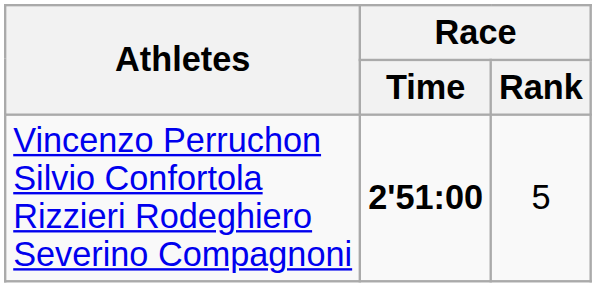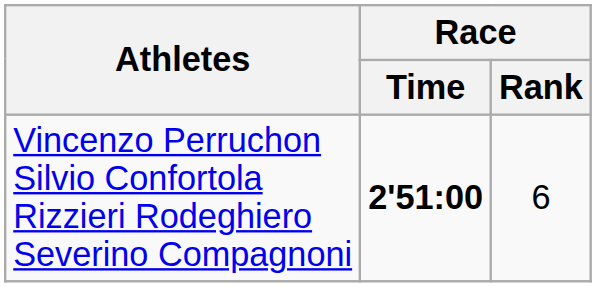 <table class="wikitable" border="1" style="font-size:90%">
 <tr>
 <th rowspan=2>Athletes</th>
 <th colspan=2>Race</th>
 </tr>
 <tr>
 <th>Time</th>
 <th>Rank</th>
 </tr>
 <tr>
 <td><a href='#'>Vincenzo Perruchon</a><br><a href='#'>Silvio Confortola</a><br><a href='#'>Rizzieri Rodeghiero</a><br><a href='#'>Severino Compagnoni</a></td>
 <td align=center><strong>2'51:00</strong></td>
-<td align=center>5</td>
+<td align=center>6</td>
 </tr>
 </table>
